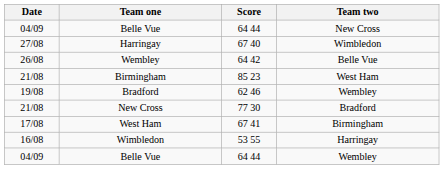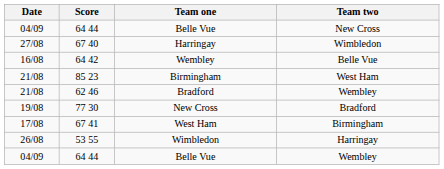 <table class="wikitable" style="text-align: center">
 <tr>
 <th width=80>Date</th>
+<th width=80>Score</th>
 <th width=250>Team one</th>
-<th width=80>Score</th>
 <th width=250>Team two</th>
 </tr>
 <tr>
 <td>04/09</td>
+<td>64	44</td>
 <td>Belle Vue</td>
-<td>64	44</td>
 <td>New Cross</td>
 </tr>
 <tr>
 <td>27/08</td>
+<td>67	40</td>
 <td>Harringay</td>
-<td>67	40</td>
 <td>Wimbledon</td>
 </tr>
 <tr>
-<td>26/08</td>
+<td>16/08</td>
+<td>64	42</td>
 <td>Wembley</td>
-<td>64	42</td>
 <td>Belle Vue</td>
 </tr>
 <tr>
 <td>21/08</td>
+<td>85	23</td>
 <td>Birmingham</td>
-<td>85	23</td>
 <td>West Ham</td>
 </tr>
 <tr>
-<td>19/08</td>
+<td>21/08</td>
+<td>62	46</td>
 <td>Bradford</td>
-<td>62	46</td>
 <td>Wembley</td>
 </tr>
 <tr>
-<td>21/08</td>
+<td>19/08</td>
+<td>77	30</td>
 <td>New Cross</td>
-<td>77	30</td>
 <td>Bradford</td>
 </tr>
 <tr>
 <td>17/08</td>
+<td>67	41</td>
 <td>West Ham</td>
-<td>67	41</td>
 <td>Birmingham</td>
 </tr>
 <tr>
-<td>16/08</td>
+<td>26/08</td>
+<td>53	55</td>
 <td>Wimbledon</td>
-<td>53	55</td>
 <td>Harringay</td>
 </tr>
 <tr>
 <td>04/09</td>
+<td>64	44</td>
 <td>Belle Vue</td>
-<td>64	44</td>
 <td>Wembley</td>
 </tr>
 </table>
